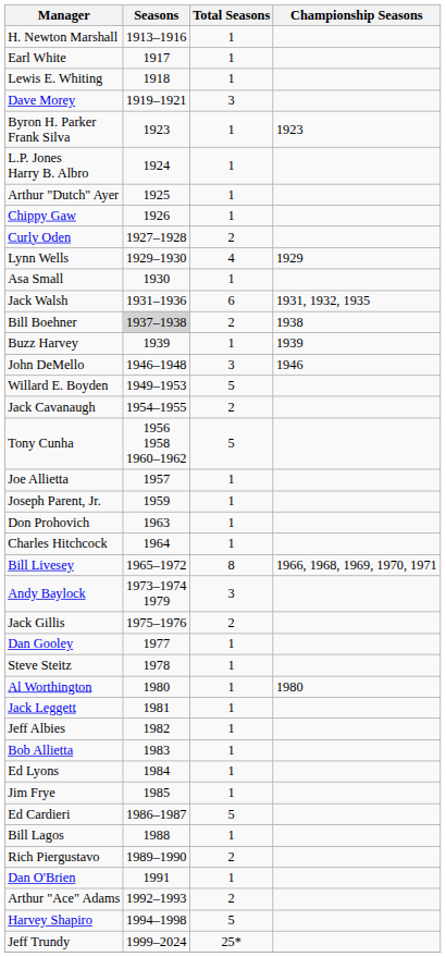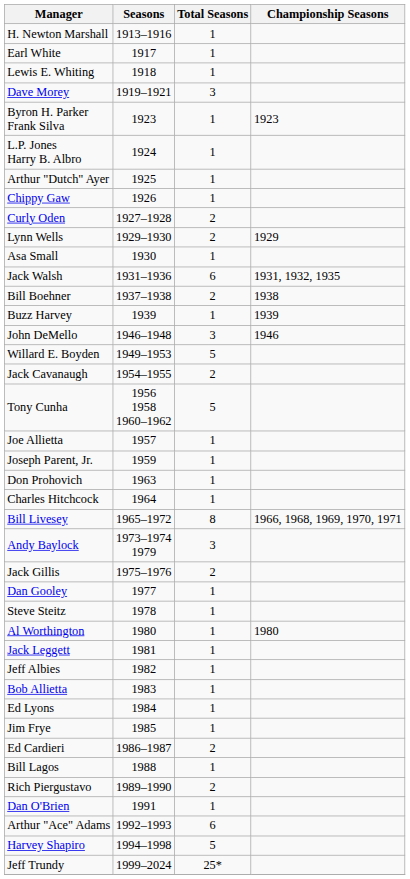 <table class="wikitable" style="text-align:center">
 <tr>
 <th>Manager</th>
 <th>Seasons</th>
 <th>Total Seasons</th>
 <th>Championship Seasons</th>
 </tr>
 <tr>
 <td style="text-align:left">H. Newton Marshall</td>
 <td>1913–1916</td>
 <td>1</td>
 <td></td>
 </tr>
 <tr>
 <td style="text-align:left">Earl White</td>
 <td>1917</td>
 <td>1</td>
 <td></td>
 </tr>
 <tr>
 <td style="text-align:left">Lewis E. Whiting</td>
 <td>1918</td>
 <td>1</td>
 <td></td>
 </tr>
 <tr>
 <td style="text-align:left"><a href='#'>Dave Morey</a></td>
 <td>1919–1921</td>
 <td>3</td>
 <td></td>
 </tr>
 <tr>
 <td style="text-align:left">Byron H. Parker<br>Frank Silva</td>
 <td>1923</td>
 <td>1</td>
 <td style="text-align:left">1923</td>
 </tr>
 <tr>
 <td style="text-align:left">L.P. Jones<br>Harry B. Albro</td>
 <td>1924</td>
 <td>1</td>
 <td></td>
 </tr>
 <tr>
 <td style="text-align:left">Arthur "Dutch" Ayer</td>
 <td>1925</td>
 <td>1</td>
 <td></td>
 </tr>
 <tr>
 <td style="text-align:left"><a href='#'>Chippy Gaw</a></td>
 <td>1926</td>
 <td>1</td>
 <td></td>
 </tr>
 <tr>
 <td style="text-align:left"><a href='#'>Curly Oden</a></td>
 <td>1927–1928</td>
 <td>2</td>
 <td></td>
 </tr>
 <tr>
 <td style="text-align:left">Lynn Wells</td>
 <td>1929–1930</td>
-<td>4</td>
+<td>2</td>
 <td style="text-align:left">1929</td>
 </tr>
 <tr>
 <td style="text-align:left">Asa Small</td>
 <td>1930</td>
 <td>1</td>
 <td></td>
 </tr>
 <tr>
 <td style="text-align:left">Jack Walsh</td>
 <td>1931–1936</td>
 <td>6</td>
 <td style="text-align:left">1931, 1932, 1935</td>
 </tr>
 <tr>
 <td style="text-align:left">Bill Boehner</td>
-<td style="background: lightgrey;">1937–1938</td>
+<td>1937–1938</td>
 <td>2</td>
 <td style="text-align:left">1938</td>
 </tr>
 <tr>
 <td style="text-align:left">Buzz Harvey</td>
 <td>1939</td>
 <td>1</td>
 <td style="text-align:left">1939</td>
 </tr>
 <tr>
 <td style="text-align:left">John DeMello</td>
 <td>1946–1948</td>
 <td>3</td>
 <td style="text-align:left">1946</td>
 </tr>
 <tr>
 <td style="text-align:left">Willard E. Boyden</td>
 <td>1949–1953</td>
 <td>5</td>
 <td style="text-align:left"></td>
 </tr>
 <tr>
 <td style="text-align:left">Jack Cavanaugh</td>
 <td>1954–1955</td>
 <td>2</td>
 <td style="text-align:left"></td>
 </tr>
 <tr>
 <td style="text-align:left">Tony Cunha</td>
 <td>1956<br>1958<br>1960–1962</td>
 <td>5</td>
 <td style="text-align:left"></td>
 </tr>
 <tr>
 <td style="text-align:left">Joe Allietta</td>
 <td>1957</td>
 <td>1</td>
 <td style="text-align:left"></td>
 </tr>
 <tr>
 <td style="text-align:left">Joseph Parent, Jr.</td>
 <td>1959</td>
 <td>1</td>
 <td style="text-align:left"></td>
 </tr>
 <tr>
 <td style="text-align:left">Don Prohovich</td>
 <td>1963</td>
 <td>1</td>
 <td style="text-align:left"></td>
 </tr>
 <tr>
 <td style="text-align:left">Charles Hitchcock</td>
 <td>1964</td>
 <td>1</td>
 <td style="text-align:left"></td>
 </tr>
 <tr>
 <td style="text-align:left"><a href='#'>Bill Livesey</a></td>
 <td>1965–1972</td>
 <td>8</td>
 <td style="text-align:left">1966, 1968, 1969, 1970, 1971</td>
 </tr>
 <tr>
 <td style="text-align:left"><a href='#'>Andy Baylock</a></td>
 <td>1973–1974<br>1979</td>
 <td>3</td>
 <td style="text-align:left"></td>
 </tr>
 <tr>
 <td style="text-align:left">Jack Gillis</td>
 <td>1975–1976</td>
 <td>2</td>
 <td style="text-align:left"></td>
 </tr>
 <tr>
 <td style="text-align:left"><a href='#'>Dan Gooley</a></td>
 <td>1977</td>
 <td>1</td>
 <td style="text-align:left"></td>
 </tr>
 <tr>
 <td style="text-align:left">Steve Steitz</td>
 <td>1978</td>
 <td>1</td>
 <td style="text-align:left"></td>
 </tr>
 <tr>
 <td style="text-align:left"><a href='#'>Al Worthington</a></td>
 <td>1980</td>
 <td>1</td>
 <td style="text-align:left">1980</td>
 </tr>
 <tr>
 <td style="text-align:left"><a href='#'>Jack Leggett</a></td>
 <td>1981</td>
 <td>1</td>
 <td style="text-align:left"></td>
 </tr>
 <tr>
 <td style="text-align:left">Jeff Albies</td>
 <td>1982</td>
 <td>1</td>
 <td style="text-align:left"></td>
 </tr>
 <tr>
 <td style="text-align:left"><a href='#'>Bob Allietta</a></td>
 <td>1983</td>
 <td>1</td>
 <td style="text-align:left"></td>
 </tr>
 <tr>
 <td style="text-align:left">Ed Lyons</td>
 <td>1984</td>
 <td>1</td>
 <td style="text-align:left"></td>
 </tr>
 <tr>
 <td style="text-align:left">Jim Frye</td>
 <td>1985</td>
 <td>1</td>
 <td style="text-align:left"></td>
 </tr>
 <tr>
 <td style="text-align:left">Ed Cardieri</td>
 <td>1986–1987</td>
-<td>5</td>
+<td>2</td>
 <td style="text-align:left"></td>
 </tr>
 <tr>
 <td style="text-align:left">Bill Lagos</td>
 <td>1988</td>
 <td>1</td>
 <td style="text-align:left"></td>
 </tr>
 <tr>
 <td style="text-align:left">Rich Piergustavo</td>
 <td>1989–1990</td>
 <td>2</td>
 <td style="text-align:left"></td>
 </tr>
 <tr>
 <td style="text-align:left"><a href='#'>Dan O'Brien</a></td>
 <td>1991</td>
 <td>1</td>
 <td style="text-align:left"></td>
 </tr>
 <tr>
 <td style="text-align:left">Arthur "Ace" Adams</td>
 <td>1992–1993</td>
-<td>2</td>
+<td>6</td>
 <td style="text-align:left"></td>
 </tr>
 <tr>
 <td style="text-align:left"><a href='#'>Harvey Shapiro</a></td>
 <td>1994–1998</td>
 <td>5</td>
 <td style="text-align:left"></td>
 </tr>
 <tr>
 <td style="text-align:left">Jeff Trundy</td>
 <td>1999–2024</td>
 <td>25*</td>
 <td style="text-align:left"></td>
 </tr>
 <tr>
 </tr>
 </table>
